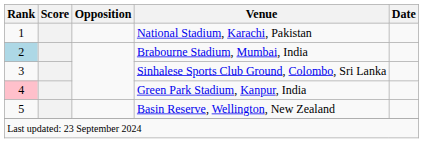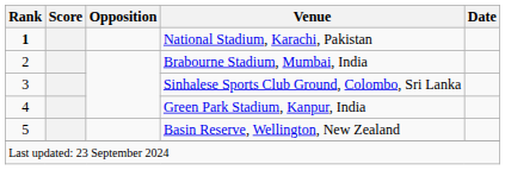 <table class="wikitable plainrowheaders sortable">
 <tr>
 <th scope=col>Rank</th>
 <th scope=col>Score</th>
 <th scope=col>Opposition</th>
 <th scope=col>Venue</th>
 <th scope=col>Date</th>
 </tr>
 <tr>
-<td style="text-align:center">1</td>
+<td style="text-align:center"><strong>1</strong></td>
 <th scope=row style=text-align:center;></th>
 <td></td>
 <td><a href='#'>National Stadium</a>, <a href='#'>Karachi</a>, Pakistan</td>
 <td></td>
 </tr>
 <tr>
-<td style="background: lightblue; text-align:center">2</td>
+<td style="text-align:center">2</td>
 <th scope=row style=text-align:center;></th>
 <td rowspan=3></td>
 <td><a href='#'>Brabourne Stadium</a>, <a href='#'>Mumbai</a>, India</td>
 <td></td>
 </tr>
 <tr>
 <td style="text-align:center">3</td>
 <th scope=row style=text-align:center;></th>
 <td><a href='#'>Sinhalese Sports Club Ground</a>, <a href='#'>Colombo</a>, Sri Lanka</td>
 <td></td>
 </tr>
 <tr>
-<td style="background: pink; text-align:center">4</td>
+<td style="text-align:center">4</td>
 <th scope=row style=text-align:center;></th>
 <td><a href='#'>Green Park Stadium</a>, <a href='#'>Kanpur</a>, India</td>
 <td></td>
 </tr>
 <tr>
 <td style="text-align:center">5</td>
 <th scope=row style=text-align:center;></th>
 <td></td>
 <td><a href='#'>Basin Reserve</a>, <a href='#'>Wellington</a>, New Zealand</td>
 <td></td>
 </tr>
 <tr>
 </tr>
 <tr class=sortbottom>
 <td colspan=5><small>Last updated: 23 September 2024</small></td>
 </tr>
 </table>
